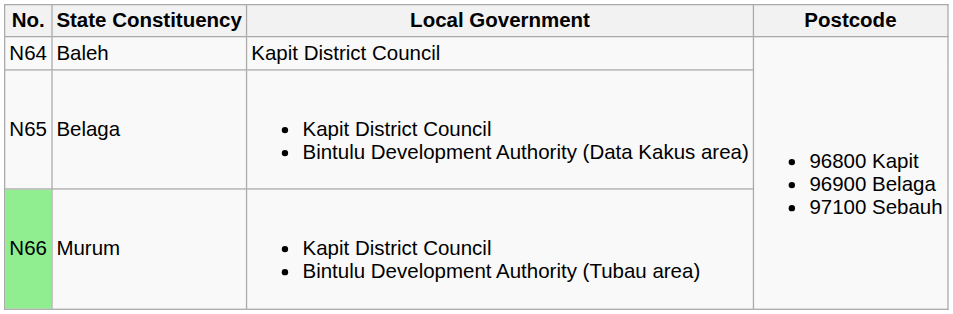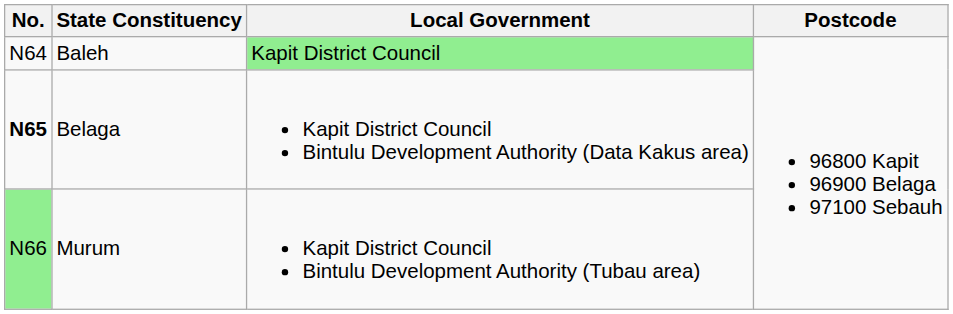 <table class="wikitable">
 <tr>
 <th>No.</th>
 <th>State Constituency</th>
 <th>Local Government</th>
 <th>Postcode</th>
 </tr>
 <tr>
 <td>N64</td>
 <td>Baleh</td>
-<td>Kapit District Council</td>
+<td style="background: lightgreen;">Kapit District Council</td>
 <td rowspan="3"><br><ul><li>96800 Kapit</li><li>96900 Belaga</li><li>97100 Sebauh</li></ul></td>
 </tr>
 <tr>
-<td>N65</td>
+<td><strong>N65</strong></td>
 <td>Belaga</td>
 <td><br><ul><li>Kapit District Council</li><li>Bintulu Development Authority (Data Kakus area)</li></ul></td>
 </tr>
 <tr>
 <td style="background: lightgreen;">N66</td>
 <td>Murum</td>
 <td><br><ul><li>Kapit District Council</li><li>Bintulu Development Authority (Tubau area)</li></ul></td>
 </tr>
 </table>
